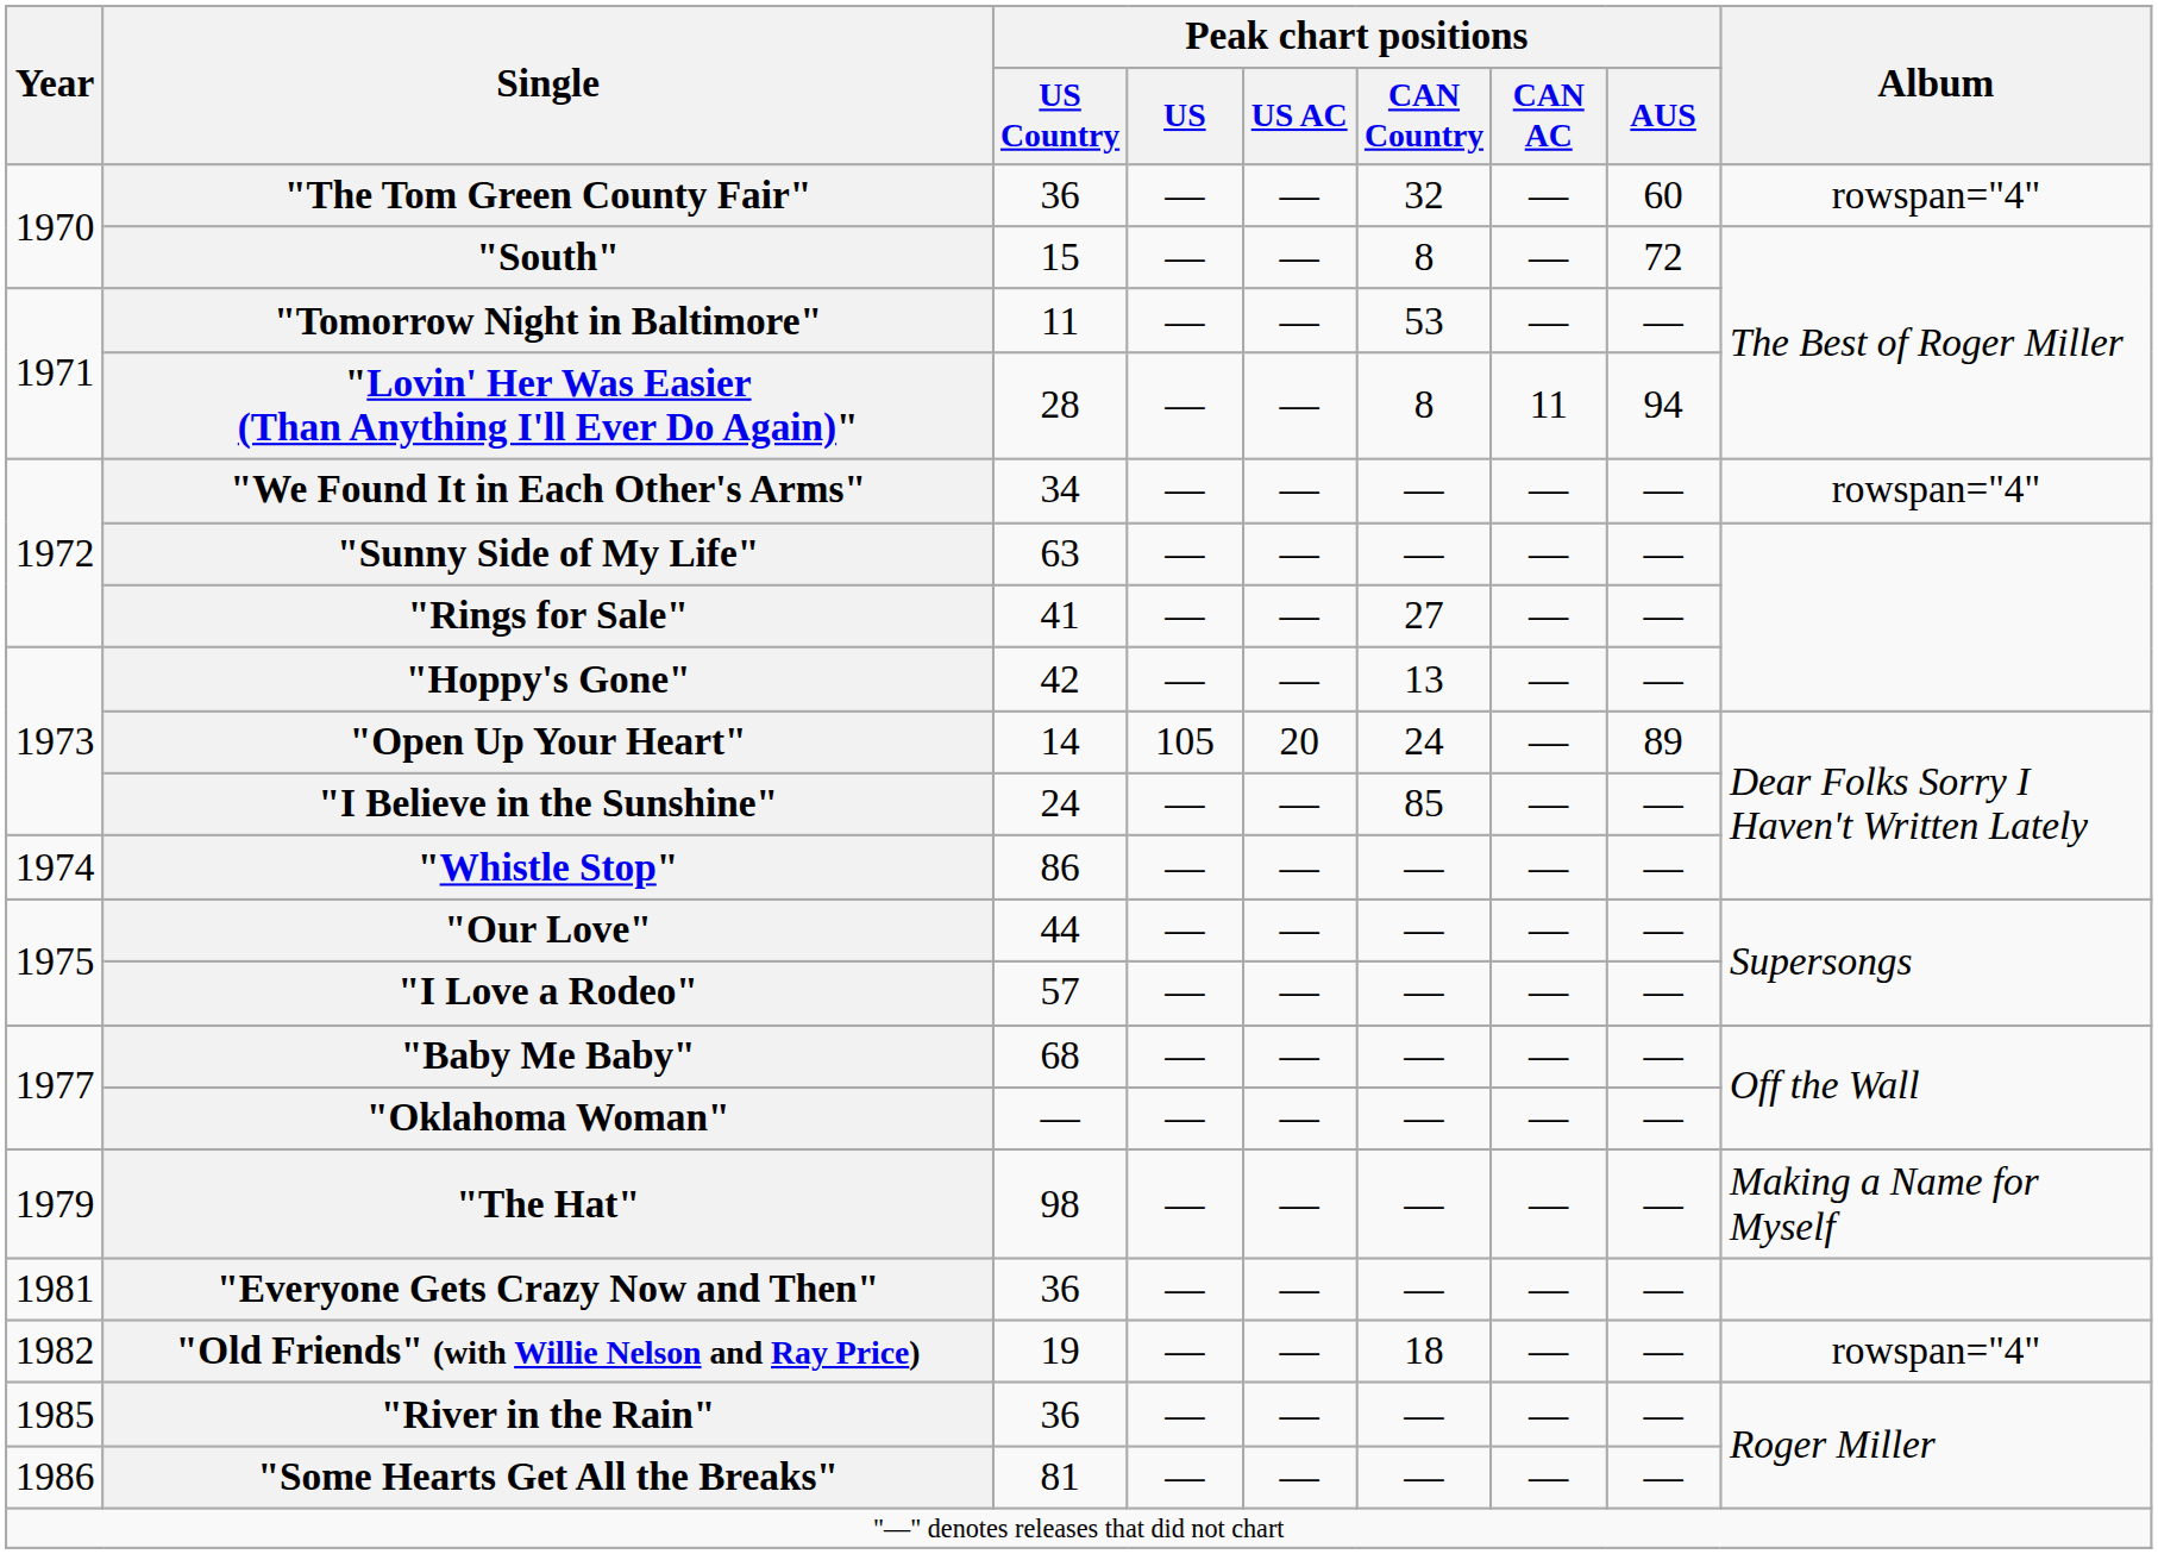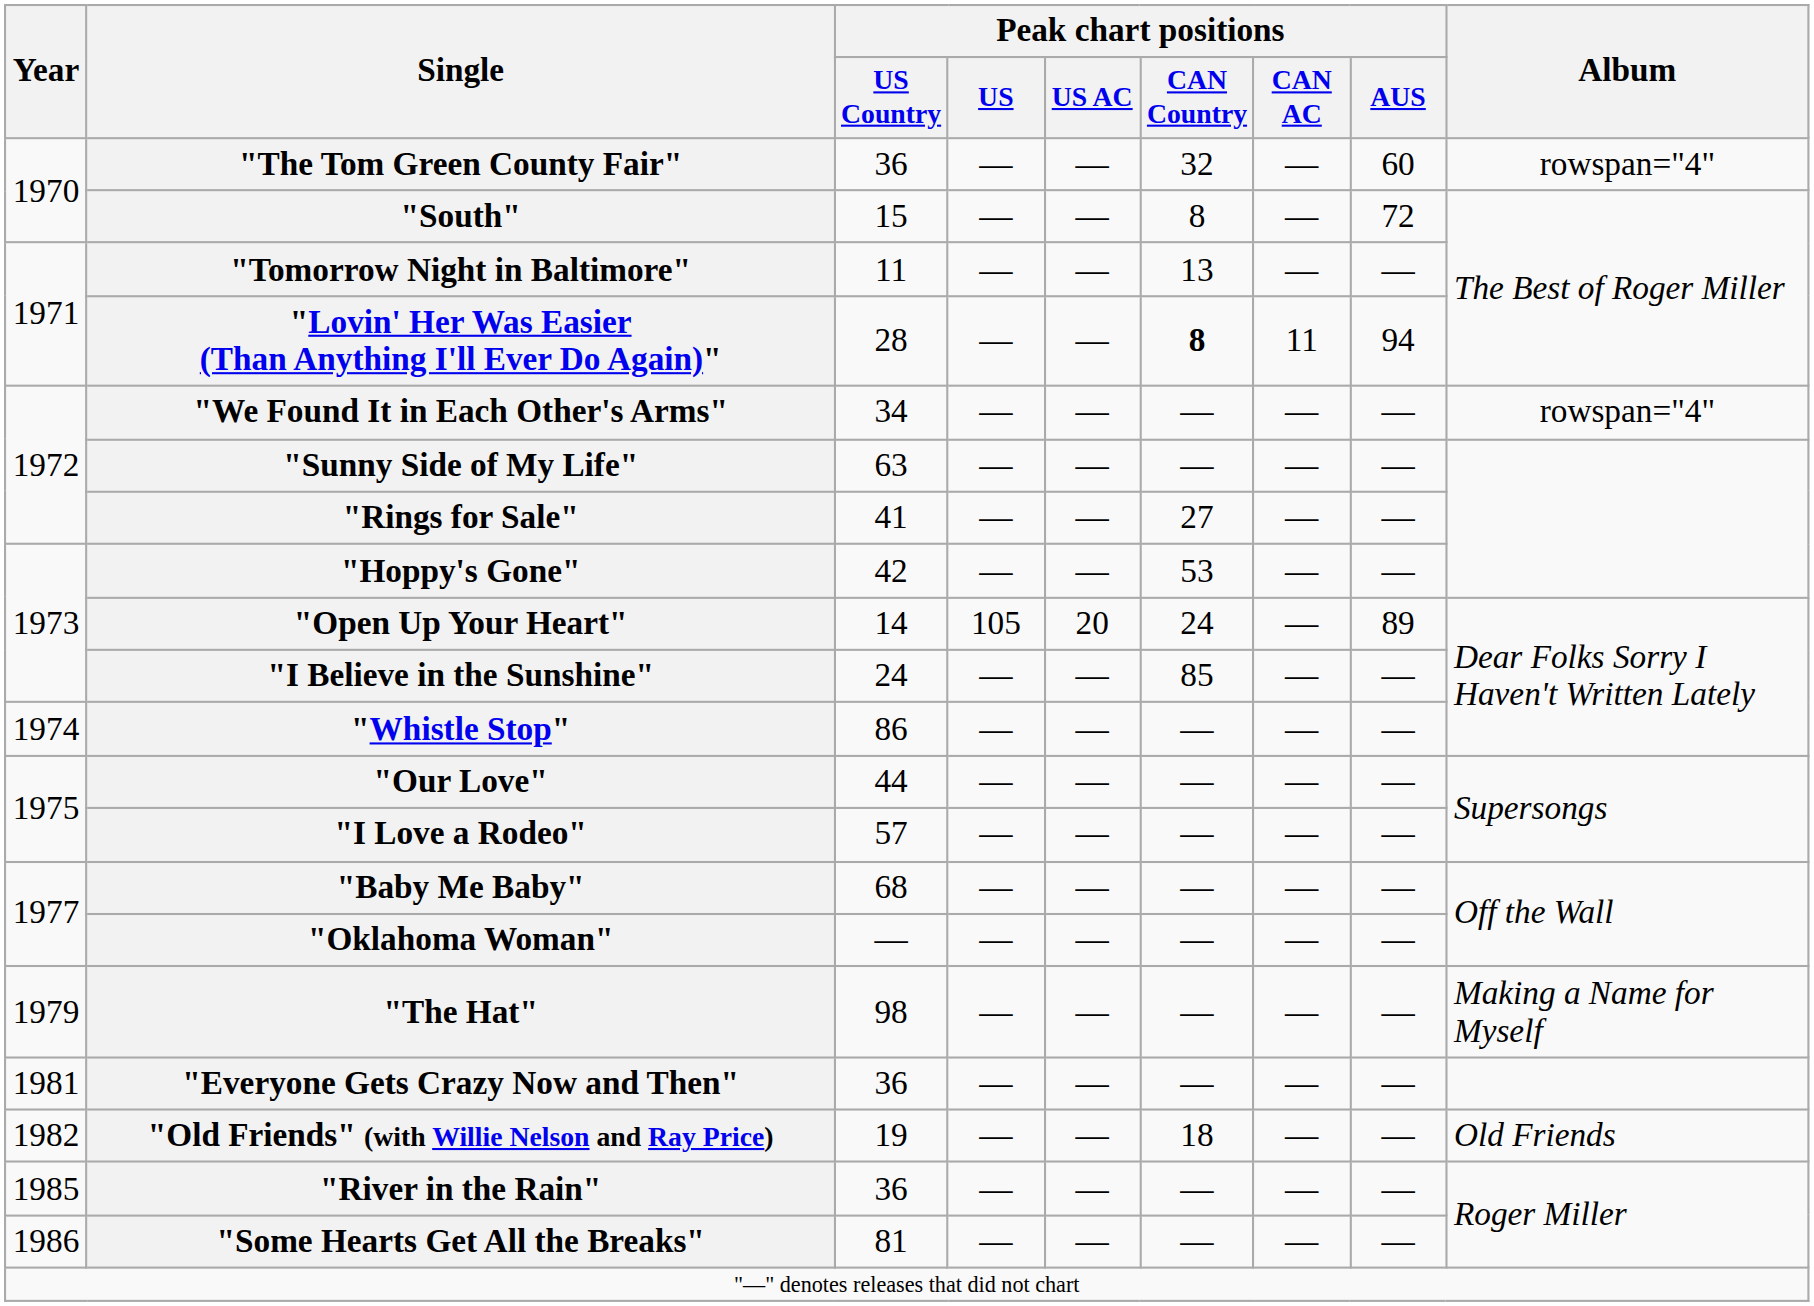 <table class="wikitable plainrowheaders" style="text-align:center;">
 <tr>
 <th rowspan="2">Year</th>
 <th rowspan="2" style="width:22em;">Single</th>
 <th colspan="6">Peak chart positions</th>
 <th rowspan="2">Album</th>
 </tr>
 <tr style="font-size:smaller;">
 <th width="40"><a href='#'>US Country</a></th>
 <th width="40"><a href='#'>US</a></th>
 <th width="40"><a href='#'>US AC</a></th>
 <th width="40"><a href='#'>CAN Country</a></th>
 <th width="40"><a href='#'>CAN AC</a></th>
 <th width="40"><a href='#'>AUS</a></th>
 </tr>
 <tr>
 <td rowspan="2">1970</td>
 <th scope="row">"The Tom Green County Fair"</th>
 <td>36</td>
 <td>—</td>
 <td>—</td>
 <td>32</td>
 <td>—</td>
 <td>60</td>
 <td>rowspan="4" </td>
 </tr>
 <tr>
 <th scope="row">"South"</th>
 <td>15</td>
 <td>—</td>
 <td>—</td>
 <td>8</td>
 <td>—</td>
 <td>72</td>
 <td align="left" rowspan="3"><em>The Best of Roger Miller</em></td>
 </tr>
 <tr>
 <td rowspan="2">1971</td>
 <th scope="row">"Tomorrow Night in Baltimore"</th>
 <td>11</td>
 <td>—</td>
 <td>—</td>
-<td>53</td>
+<td>13</td>
 <td>—</td>
 <td>—</td>
 </tr>
 <tr>
 <th scope="row">"<a href='#'>Lovin' Her Was Easier<br>(Than Anything I'll Ever Do Again)</a>"</th>
 <td>28</td>
 <td>—</td>
 <td>—</td>
-<td>8</td>
+<td><strong>8</strong></td>
 <td>11</td>
 <td>94</td>
 </tr>
 <tr>
 <td rowspan="3">1972</td>
 <th scope="row">"We Found It in Each Other's Arms"</th>
 <td>34</td>
 <td>—</td>
 <td>—</td>
 <td>—</td>
 <td>—</td>
 <td>—</td>
 <td>rowspan="4" </td>
 </tr>
 <tr>
 <th scope="row">"Sunny Side of My Life"</th>
 <td>63</td>
 <td>—</td>
 <td>—</td>
 <td>—</td>
 <td>—</td>
 <td>—</td>
 </tr>
 <tr>
 <th scope="row">"Rings for Sale"</th>
 <td>41</td>
 <td>—</td>
 <td>—</td>
 <td>27</td>
 <td>—</td>
 <td>—</td>
 </tr>
 <tr>
 <td rowspan="3">1973</td>
 <th scope="row">"Hoppy's Gone"</th>
 <td>42</td>
 <td>—</td>
 <td>—</td>
-<td>13</td>
+<td>53</td>
 <td>—</td>
 <td>—</td>
 </tr>
 <tr>
 <th scope="row">"Open Up Your Heart"</th>
 <td>14</td>
 <td>105</td>
 <td>20</td>
 <td>24</td>
 <td>—</td>
 <td>89</td>
 <td align="left" rowspan="3"><em>Dear Folks Sorry I Haven't Written Lately</em></td>
 </tr>
 <tr>
 <th scope="row">"I Believe in the Sunshine"</th>
 <td>24</td>
 <td>—</td>
 <td>—</td>
 <td>85</td>
 <td>—</td>
 <td>—</td>
 </tr>
 <tr>
 <td>1974</td>
 <th scope="row">"<a href='#'>Whistle Stop</a>"</th>
 <td>86</td>
 <td>—</td>
 <td>—</td>
 <td>—</td>
 <td>—</td>
 <td>—</td>
 </tr>
 <tr>
 <td rowspan="2">1975</td>
 <th scope="row">"Our Love"</th>
 <td>44</td>
 <td>—</td>
 <td>—</td>
 <td>—</td>
 <td>—</td>
 <td>—</td>
 <td align="left" rowspan="2"><em>Supersongs</em></td>
 </tr>
 <tr>
 <th scope="row">"I Love a Rodeo"</th>
 <td>57</td>
 <td>—</td>
 <td>—</td>
 <td>—</td>
 <td>—</td>
 <td>—</td>
 </tr>
 <tr>
 <td rowspan="2">1977</td>
 <th scope="row">"Baby Me Baby"</th>
 <td>68</td>
 <td>—</td>
 <td>—</td>
 <td>—</td>
 <td>—</td>
 <td>—</td>
 <td align="left" rowspan="2"><em>Off the Wall</em></td>
 </tr>
 <tr>
 <th scope="row">"Oklahoma Woman"</th>
 <td>—</td>
 <td>—</td>
 <td>—</td>
 <td>—</td>
 <td>—</td>
 <td>—</td>
 </tr>
 <tr>
 <td>1979</td>
 <th scope="row">"The Hat"</th>
 <td>98</td>
 <td>—</td>
 <td>—</td>
 <td>—</td>
 <td>—</td>
 <td>—</td>
 <td align="left"><em>Making a Name for Myself</em></td>
 </tr>
 <tr>
 <td>1981</td>
 <th scope="row">"Everyone Gets Crazy Now and Then"</th>
 <td>36</td>
 <td>—</td>
 <td>—</td>
 <td>—</td>
 <td>—</td>
 <td>—</td>
 <td></td>
 </tr>
 <tr>
 <td>1982</td>
 <th scope="row">"Old Friends" <small>(with <a href='#'>Willie Nelson</a> and <a href='#'>Ray Price</a>)</small></th>
 <td>19</td>
 <td>—</td>
 <td>—</td>
 <td>18</td>
 <td>—</td>
 <td>—</td>
-<td>rowspan="4" </td>
+<td align="left"><em>Old Friends</em></td>
 </tr>
 <tr>
 <td>1985</td>
 <th scope="row">"River in the Rain"</th>
 <td>36</td>
 <td>—</td>
 <td>—</td>
 <td>—</td>
 <td>—</td>
 <td>—</td>
 <td align="left" rowspan="2"><em>Roger Miller</em></td>
 </tr>
 <tr>
 <td>1986</td>
 <th scope="row">"Some Hearts Get All the Breaks"</th>
 <td>81</td>
 <td>—</td>
 <td>—</td>
 <td>—</td>
 <td>—</td>
 <td>—</td>
 </tr>
 <tr>
 <td colspan="9" style="font-size: 8pt">"—" denotes releases that did not chart</td>
 </tr>
 </table>
